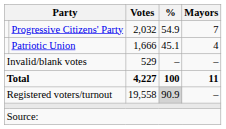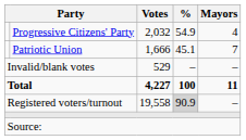 <table class="wikitable" style="text-align:right">
 <tr>
 <th colspan="2">Party</th>
 <th>Votes</th>
 <th>%</th>
 <th>Mayors</th>
 </tr>
 <tr>
 <td></td>
 <td align="left"><a href='#'>Progressive Citizens' Party</a></td>
 <td>2,032</td>
 <td>54.9</td>
-<td>7</td>
+<td>4</td>
 </tr>
 <tr>
 <td></td>
 <td align="left"><a href='#'>Patriotic Union</a></td>
 <td>1,666</td>
 <td>45.1</td>
-<td>4</td>
+<td>7</td>
 </tr>
 <tr>
 <td colspan="2" align="left">Invalid/blank votes</td>
 <td>529</td>
 <td>–</td>
 <td>–</td>
 </tr>
 <tr>
 <td colspan="2" align="left"><strong>Total</strong></td>
 <td><strong>4,227</strong></td>
 <td><strong>100</strong></td>
 <td><strong>11</strong></td>
 </tr>
 <tr>
 <td colspan="2" align="left">Registered voters/turnout</td>
 <td>19,558</td>
 <td style="background: lightgrey;">90.9</td>
 <td>–</td>
 </tr>
 <tr>
 <td colspan="5" style="color:inherit;background:#E9E9E9"></td>
 </tr>
 <tr>
 <td colspan="5" align="left">Source: </td>
 </tr>
 </table>
